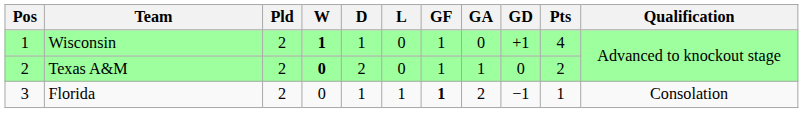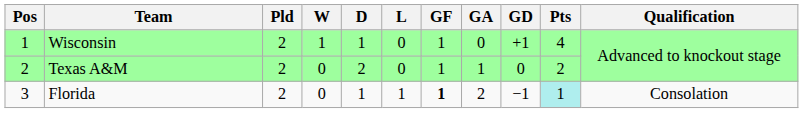 <table class="wikitable" style="text-align:center; margin: 1em auto">
 <tr>
 <th style="width:2em">Pos</th>
 <th style="width:13em">Team</th>
 <th style="width:2em">Pld</th>
 <th style="width:2em">W</th>
 <th style="width:2em">D</th>
 <th style="width:2em">L</th>
 <th style="width:2em">GF</th>
 <th style="width:2em">GA</th>
 <th style="width:2em">GD</th>
 <th style="width:2em">Pts</th>
 <th style="width:13em">Qualification</th>
 </tr>
 <tr bgcolor="#9eff9e">
 <td>1</td>
 <td style="text-align:left">Wisconsin</td>
 <td>2</td>
-<td><strong>1</strong></td>
+<td>1</td>
 <td>1</td>
 <td>0</td>
 <td>1</td>
 <td>0</td>
 <td>+1</td>
 <td>4</td>
 <td rowspan="2">Advanced to knockout stage</td>
 </tr>
 <tr bgcolor="#9eff9e">
 <td>2</td>
 <td style="text-align:left">Texas A&M</td>
 <td>2</td>
-<td><strong>0</strong></td>
+<td>0</td>
 <td>2</td>
 <td>0</td>
 <td>1</td>
 <td>1</td>
 <td>0</td>
 <td>2</td>
 </tr>
 <tr>
 <td>3</td>
 <td style="text-align:left">Florida</td>
 <td>2</td>
 <td>0</td>
 <td>1</td>
 <td>1</td>
 <td><strong>1</strong></td>
 <td>2</td>
 <td>−1</td>
-<td>1</td>
+<td style="background: paleturquoise;">1</td>
 <td>Consolation</td>
 </tr>
 </table>
